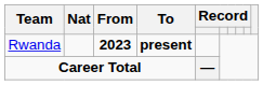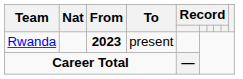 <table class="wikitable" style="text-align: center">
 <tr>
 <th rowspan="2">Team</th>
 <th rowspan="2">Nat</th>
 <th rowspan="2">From</th>
 <th rowspan="2">To</th>
 <th colspan="5">Record</th>
 <th rowspan=2></th>
 </tr>
 <tr>
 <th></th>
 <th></th>
 <th></th>
 <th></th>
 <th></th>
 </tr>
 <tr>
 <td align="left"><a href='#'>Rwanda</a></td>
 <td align="center"></td>
 <td align="center"><strong>2023</strong></td>
-<td align="center"><strong>present<br></strong></td>
+<td align="center">present<br></td>
 <td></td>
 </tr>
 <tr>
 <td colspan=4><strong>Career Total</strong><br></td>
 <th>—</th>
 </tr>
 </table>
